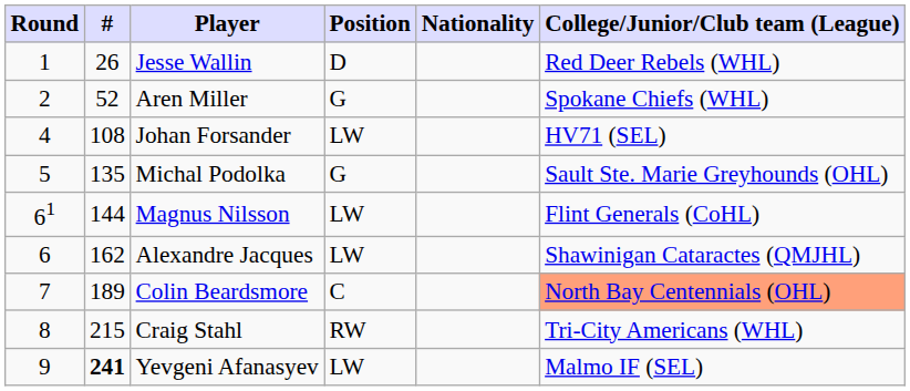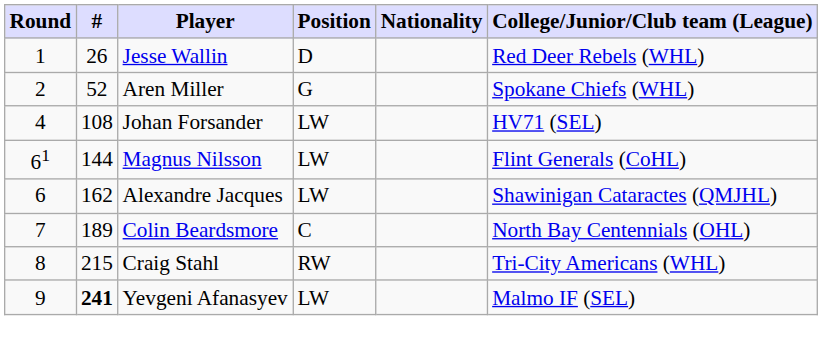 <table class="wikitable">
 <tr>
 <th style="background:#ddf;">Round</th>
 <th style="background:#ddf;">#</th>
 <th style="background:#ddf;">Player</th>
 <th style="background:#ddf;">Position</th>
 <th style="background:#ddf;">Nationality</th>
 <th style="background:#ddf;">College/Junior/Club team (League)</th>
 </tr>
 <tr>
 <td style="text-align:center;">1</td>
 <td style="text-align:center;">26</td>
 <td><a href='#'>Jesse Wallin</a></td>
 <td>D</td>
 <td></td>
 <td><a href='#'>Red Deer Rebels</a> (<a href='#'>WHL</a>)</td>
 </tr>
 <tr>
 <td style="text-align:center;">2</td>
 <td style="text-align:center;">52</td>
 <td>Aren Miller</td>
 <td>G</td>
 <td></td>
 <td><a href='#'>Spokane Chiefs</a> (<a href='#'>WHL</a>)</td>
 </tr>
 <tr>
 <td style="text-align:center;">4</td>
 <td style="text-align:center;">108</td>
 <td>Johan Forsander</td>
 <td>LW</td>
 <td></td>
 <td><a href='#'>HV71</a> (<a href='#'>SEL</a>)</td>
 </tr>
 <tr>
-<td style="text-align:center;">5</td>
-<td style="text-align:center;">135</td>
-<td>Michal Podolka</td>
-<td>G</td>
-<td></td>
-<td><a href='#'>Sault Ste. Marie Greyhounds</a> (<a href='#'>OHL</a>)</td>
-</tr>
-<tr>
 <td style="text-align:center;">6<sup>1</sup></td>
 <td style="text-align:center;">144</td>
 <td><a href='#'>Magnus Nilsson</a></td>
 <td>LW</td>
 <td></td>
 <td><a href='#'>Flint Generals</a> (<a href='#'>CoHL</a>)</td>
 </tr>
 <tr>
 <td style="text-align:center;">6</td>
 <td style="text-align:center;">162</td>
 <td>Alexandre Jacques</td>
 <td>LW</td>
 <td></td>
 <td><a href='#'>Shawinigan Cataractes</a> (<a href='#'>QMJHL</a>)</td>
 </tr>
 <tr>
 <td style="text-align:center;">7</td>
 <td style="text-align:center;">189</td>
 <td><a href='#'>Colin Beardsmore</a></td>
 <td>C</td>
 <td></td>
-<td style="background: lightsalmon;"><a href='#'>North Bay Centennials</a> (<a href='#'>OHL</a>)</td>
+<td><a href='#'>North Bay Centennials</a> (<a href='#'>OHL</a>)</td>
 </tr>
 <tr>
 <td style="text-align:center;">8</td>
 <td style="text-align:center;">215</td>
 <td>Craig Stahl</td>
 <td>RW</td>
 <td></td>
 <td><a href='#'>Tri-City Americans</a> (<a href='#'>WHL</a>)</td>
 </tr>
 <tr>
 <td style="text-align:center;">9</td>
 <td style="text-align:center;"><strong>241</strong></td>
 <td>Yevgeni Afanasyev</td>
 <td>LW</td>
 <td></td>
 <td><a href='#'>Malmo IF</a> (<a href='#'>SEL</a>)</td>
 </tr>
 </table>
